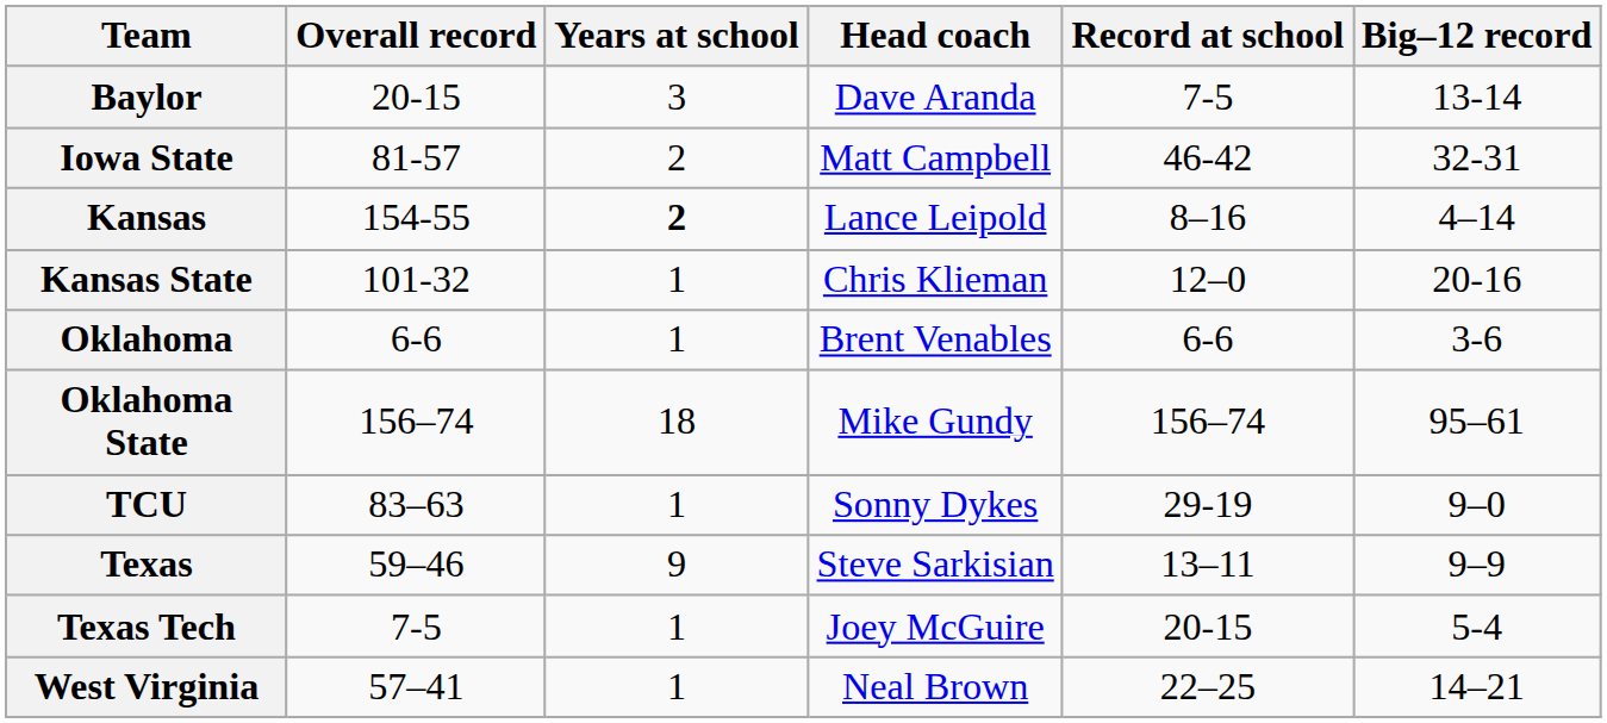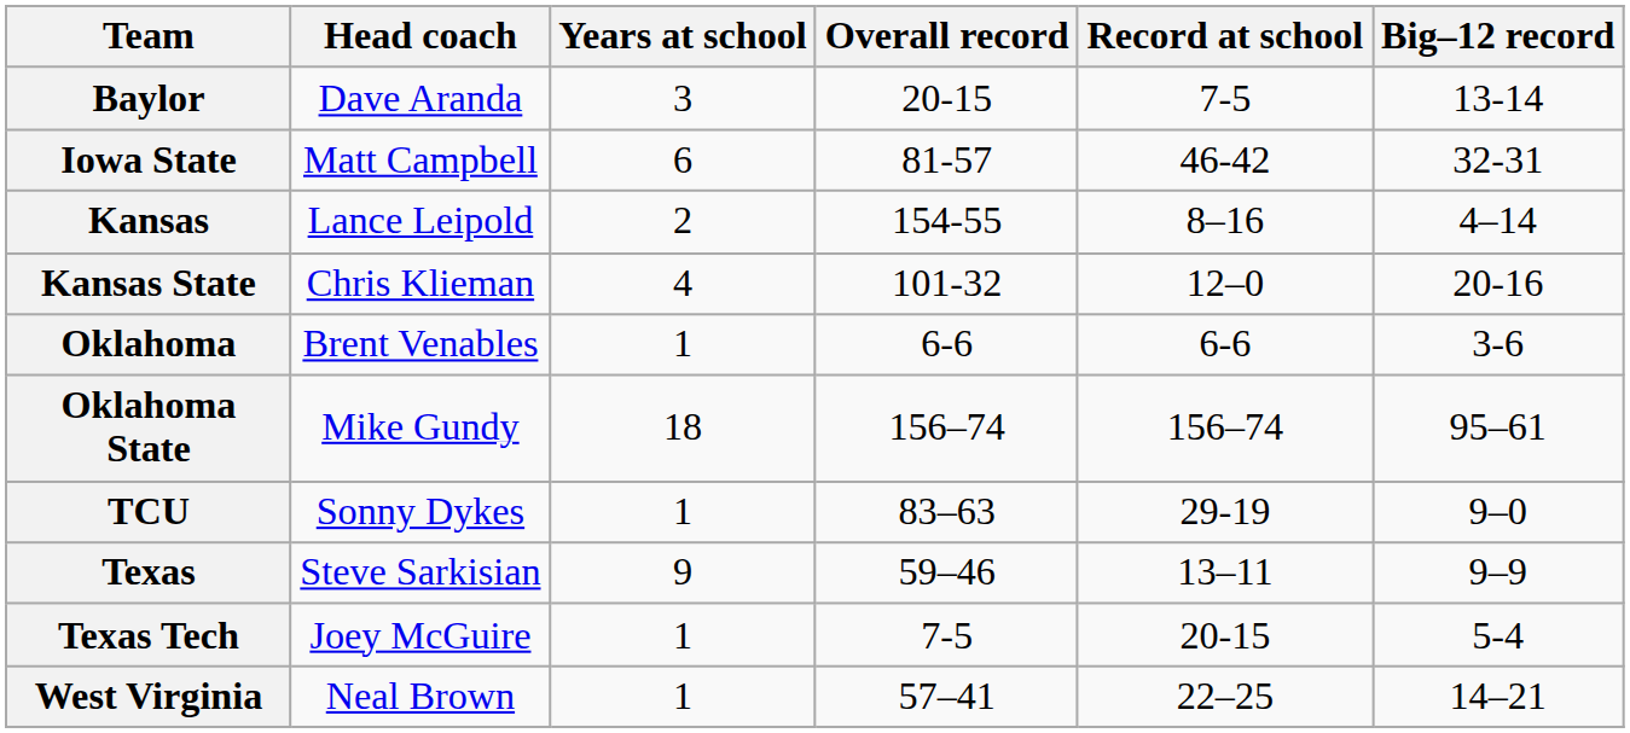 <table class="wikitable sortable" style="text-align: center;">
 <tr>
 <th style="width:110px;">Team</th>
+<th>Head coach</th>
+<th>Years at school</th>
 <th>Overall record</th>
-<th>Years at school</th>
-<th>Head coach</th>
 <th>Record at school</th>
 <th>Big–12 record</th>
 </tr>
 <tr>
 <th>Baylor</th>
+<td><a href='#'>Dave Aranda</a></td>
+<td>3</td>
 <td>20-15</td>
-<td>3</td>
-<td><a href='#'>Dave Aranda</a></td>
 <td>7-5</td>
 <td>13-14</td>
 </tr>
 <tr>
 <th>Iowa State</th>
+<td><a href='#'>Matt Campbell</a></td>
+<td>6</td>
 <td>81-57</td>
-<td>2</td>
-<td><a href='#'>Matt Campbell</a></td>
 <td>46-42</td>
 <td>32-31</td>
 </tr>
 <tr>
 <th>Kansas</th>
+<td><a href='#'>Lance Leipold</a></td>
+<td>2</td>
 <td>154-55</td>
-<td><strong>2</strong></td>
-<td><a href='#'>Lance Leipold</a></td>
 <td>8–16</td>
 <td>4–14</td>
 </tr>
 <tr>
 <th>Kansas State</th>
+<td><a href='#'>Chris Klieman</a></td>
+<td>4</td>
 <td>101-32</td>
-<td>1</td>
-<td><a href='#'>Chris Klieman</a></td>
 <td>12–0</td>
 <td>20-16</td>
 </tr>
 <tr>
 <th>Oklahoma</th>
+<td><a href='#'>Brent Venables</a></td>
+<td>1</td>
 <td>6-6</td>
-<td>1</td>
-<td><a href='#'>Brent Venables</a></td>
 <td>6-6</td>
 <td>3-6</td>
 </tr>
 <tr>
 <th>Oklahoma State</th>
+<td><a href='#'>Mike Gundy</a></td>
+<td>18</td>
 <td>156–74</td>
-<td>18</td>
-<td><a href='#'>Mike Gundy</a></td>
 <td>156–74</td>
 <td>95–61</td>
 </tr>
 <tr>
 <th>TCU</th>
+<td><a href='#'>Sonny Dykes</a></td>
+<td>1</td>
 <td>83–63</td>
-<td>1</td>
-<td><a href='#'>Sonny Dykes</a></td>
 <td>29-19</td>
 <td>9–0</td>
 </tr>
 <tr>
 <th>Texas</th>
+<td><a href='#'>Steve Sarkisian</a></td>
+<td>9</td>
 <td>59–46</td>
-<td>9</td>
-<td><a href='#'>Steve Sarkisian</a></td>
 <td>13–11</td>
 <td>9–9</td>
 </tr>
 <tr>
 <th>Texas Tech</th>
+<td><a href='#'>Joey McGuire</a></td>
+<td>1</td>
 <td>7-5</td>
-<td>1</td>
-<td><a href='#'>Joey McGuire</a></td>
 <td>20-15</td>
 <td>5-4</td>
 </tr>
 <tr>
 <th style=>West Virginia</th>
+<td><a href='#'>Neal Brown</a></td>
+<td>1</td>
 <td>57–41</td>
-<td>1</td>
-<td><a href='#'>Neal Brown</a></td>
 <td>22–25</td>
 <td>14–21</td>
 </tr>
 </table>
